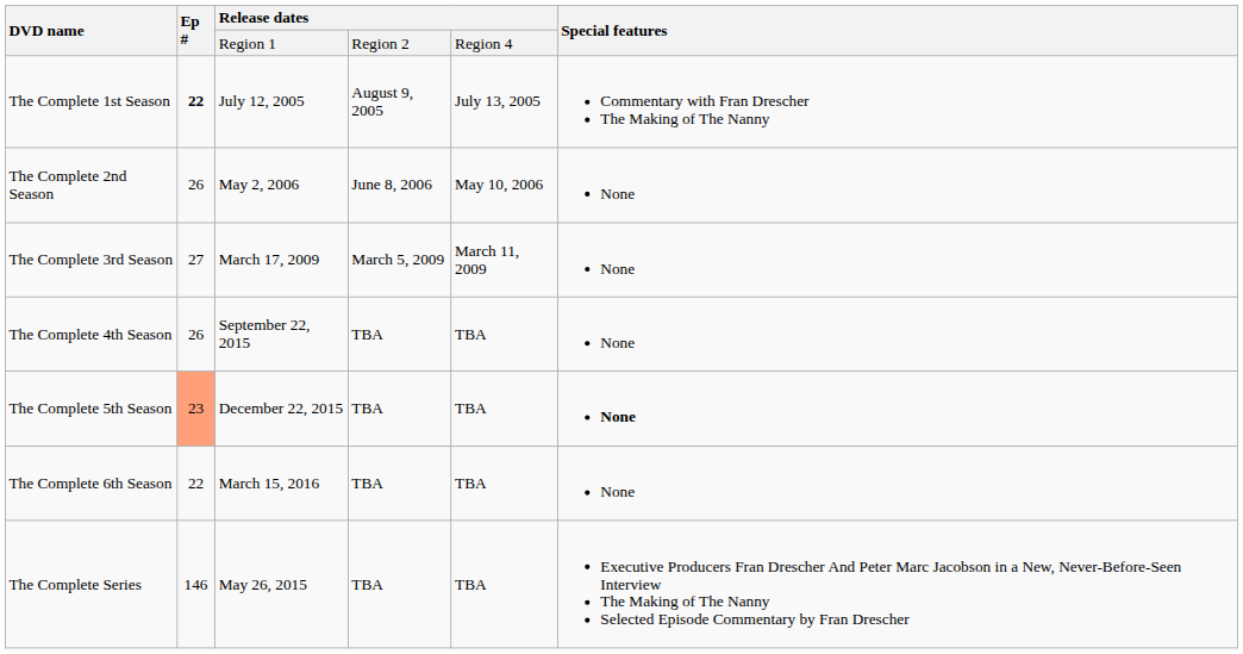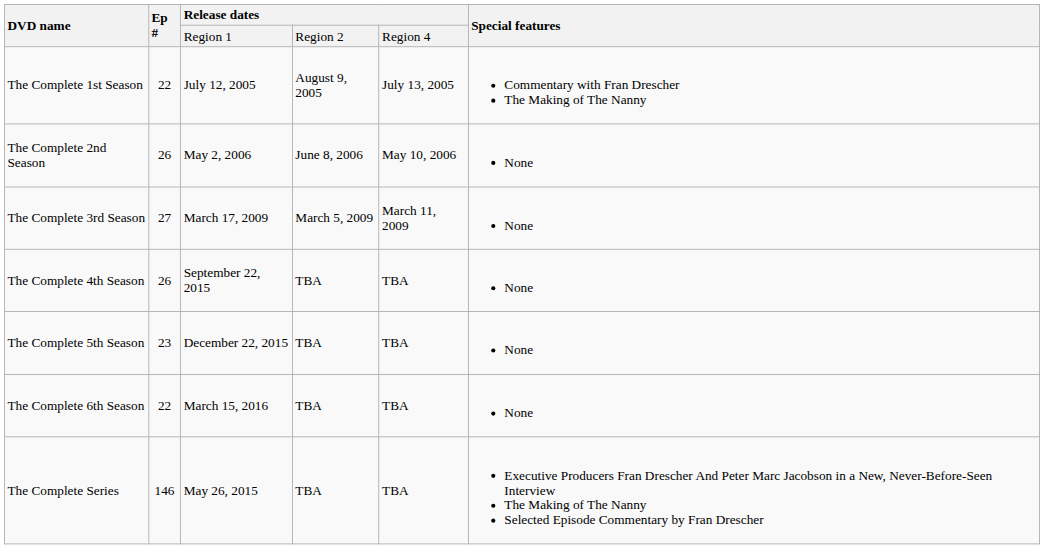 <table class="wikitable">
 <tr style="background:#f2f2f2;">
 <td rowspan="2"><div><strong>DVD name</strong></div></td>
 <td rowspan="2" style="background:#f2f2f2;"><div><strong>Ep #</strong></div></td>
 <td colspan="3" style="background:#f2f2f2;"><div><strong>Release dates</strong></div></td>
 <td rowspan="2" style="background:#f2f2f2;"><div><strong>Special features</strong></div></td>
 </tr>
 <tr style="background:#f2f2f2;">
 <td><div>Region 1</div></td>
 <td style="background:#f2f2f2;"><div>Region 2</div></td>
 <td style="background:#f2f2f2;"><div>Region 4</div></td>
 </tr>
 <tr>
 <td>The Complete 1st Season</td>
-<td style="text-align:center;"><strong>22</strong></td>
+<td style="text-align:center;">22</td>
 <td>July 12, 2005</td>
 <td>August 9, 2005</td>
 <td>July 13, 2005</td>
 <td><br><ul><li>Commentary with Fran Drescher</li><li>The Making of The Nanny</li></ul></td>
 </tr>
 <tr>
 <td>The Complete 2nd Season</td>
 <td style="text-align:center;">26</td>
 <td>May 2, 2006</td>
 <td>June 8, 2006</td>
 <td>May 10, 2006</td>
 <td><br><ul><li>None</li></ul></td>
 </tr>
 <tr>
 <td>The Complete 3rd Season</td>
 <td style="text-align:center;">27</td>
 <td>March 17, 2009</td>
 <td>March 5, 2009</td>
 <td>March 11, 2009</td>
 <td><br><ul><li>None</li></ul></td>
 </tr>
 <tr>
 <td>The Complete 4th Season</td>
 <td style="text-align:center;">26</td>
 <td>September 22, 2015</td>
 <td>TBA</td>
 <td>TBA</td>
 <td><br><ul><li>None</li></ul></td>
 </tr>
 <tr>
 <td>The Complete 5th Season</td>
-<td style="background: lightsalmon; text-align:center;">23</td>
+<td style="text-align:center;">23</td>
 <td>December 22, 2015</td>
 <td>TBA</td>
 <td>TBA</td>
-<td><strong><br><ul><li>None</li></ul></strong></td>
+<td><br><ul><li>None</li></ul></td>
 </tr>
 <tr>
 <td>The Complete 6th Season</td>
 <td style="text-align:center;">22</td>
 <td>March 15, 2016</td>
 <td>TBA</td>
 <td>TBA</td>
 <td><br><ul><li>None</li></ul></td>
 </tr>
 <tr>
 <td>The Complete Series</td>
 <td style="text-align:center;">146</td>
 <td>May 26, 2015</td>
 <td>TBA</td>
 <td>TBA</td>
 <td><br><ul><li>Executive Producers Fran Drescher And Peter Marc Jacobson in a New, Never-Before-Seen Interview</li><li>The Making of The Nanny</li><li>Selected Episode Commentary by Fran Drescher</li></ul></td>
 </tr>
 </table>
